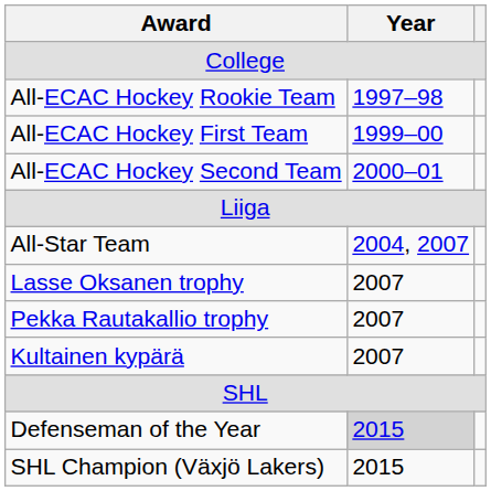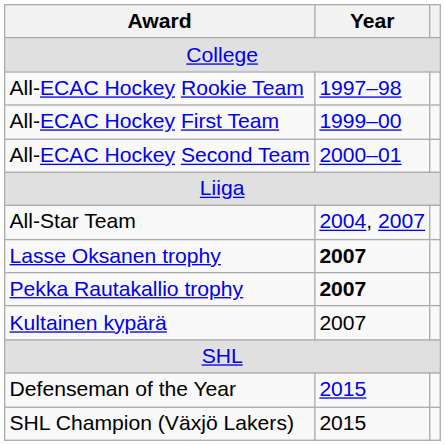 <table class="wikitable">
 <tr>
 <th>Award</th>
 <th>Year</th>
 <th></th>
 </tr>
 <tr ALIGN="center" bgcolor="#e0e0e0">
 <td colspan="3"><a href='#'>College</a></td>
 </tr>
 <tr>
 <td>All-<a href='#'>ECAC Hockey</a> <a href='#'>Rookie Team</a></td>
 <td><a href='#'>1997–98</a></td>
 <td></td>
 </tr>
 <tr>
 <td>All-<a href='#'>ECAC Hockey</a> <a href='#'>First Team</a></td>
 <td><a href='#'>1999–00</a></td>
 <td></td>
 </tr>
 <tr>
 <td>All-<a href='#'>ECAC Hockey</a> <a href='#'>Second Team</a></td>
 <td><a href='#'>2000–01</a></td>
 <td></td>
 </tr>
 <tr ALIGN="center" bgcolor="#e0e0e0">
 <td colspan="3"><a href='#'>Liiga</a></td>
 </tr>
 <tr>
 <td>All-Star Team</td>
 <td><a href='#'>2004</a>, <a href='#'>2007</a></td>
 <td></td>
 </tr>
 <tr>
 <td><a href='#'>Lasse Oksanen trophy</a></td>
-<td>2007</td>
+<td><strong>2007</strong></td>
 <td></td>
 </tr>
 <tr>
 <td><a href='#'>Pekka Rautakallio trophy</a></td>
-<td>2007</td>
+<td><strong>2007</strong></td>
 <td></td>
 </tr>
 <tr>
 <td><a href='#'>Kultainen kypärä</a></td>
 <td>2007</td>
 <td></td>
 </tr>
 <tr ALIGN="center" bgcolor="#e0e0e0">
 <td colspan="3"><a href='#'>SHL</a></td>
 </tr>
 <tr>
 <td>Defenseman of the Year</td>
-<td style="background: lightgrey;"><a href='#'>2015</a></td>
+<td><a href='#'>2015</a></td>
 <td></td>
 </tr>
 <tr>
 <td>SHL Champion (Växjö Lakers)</td>
 <td>2015</td>
 <td></td>
 </tr>
 </table>
